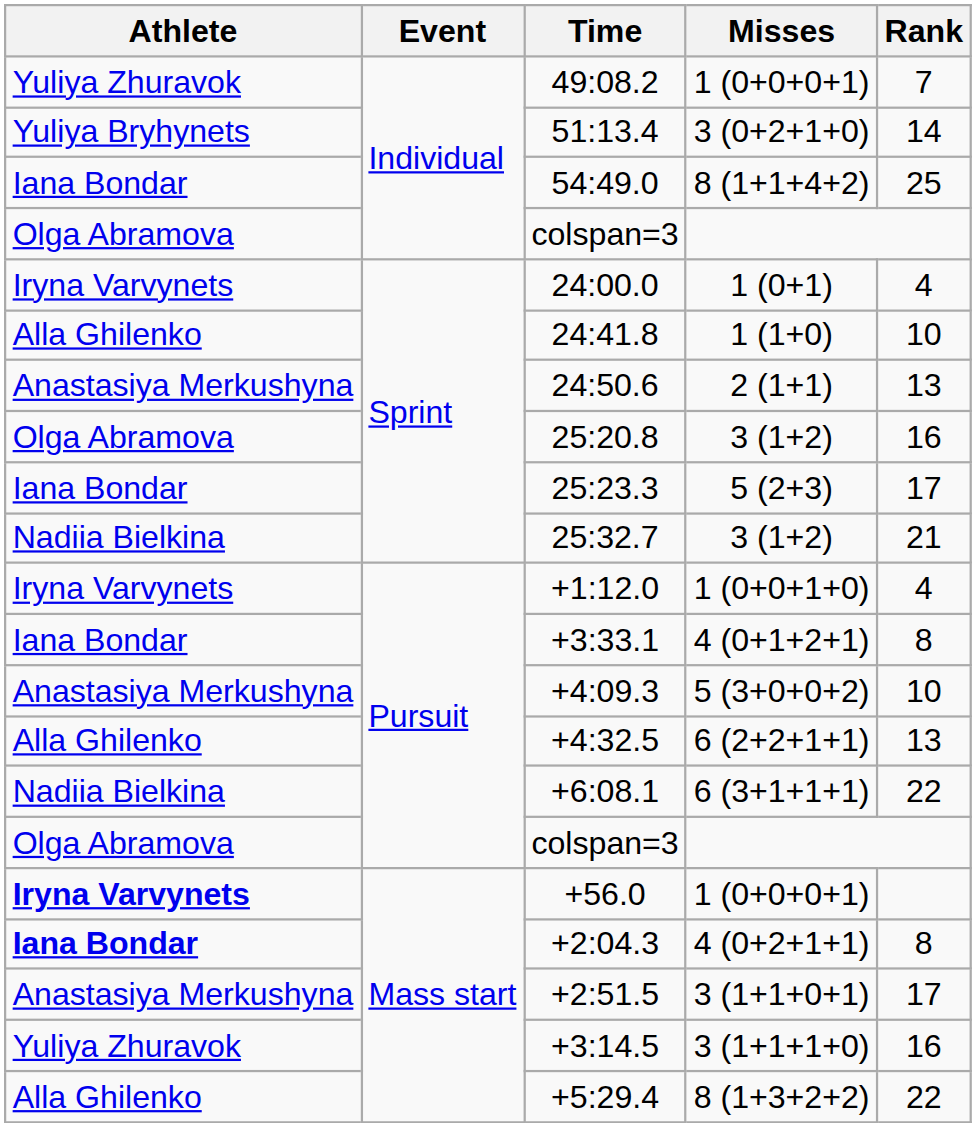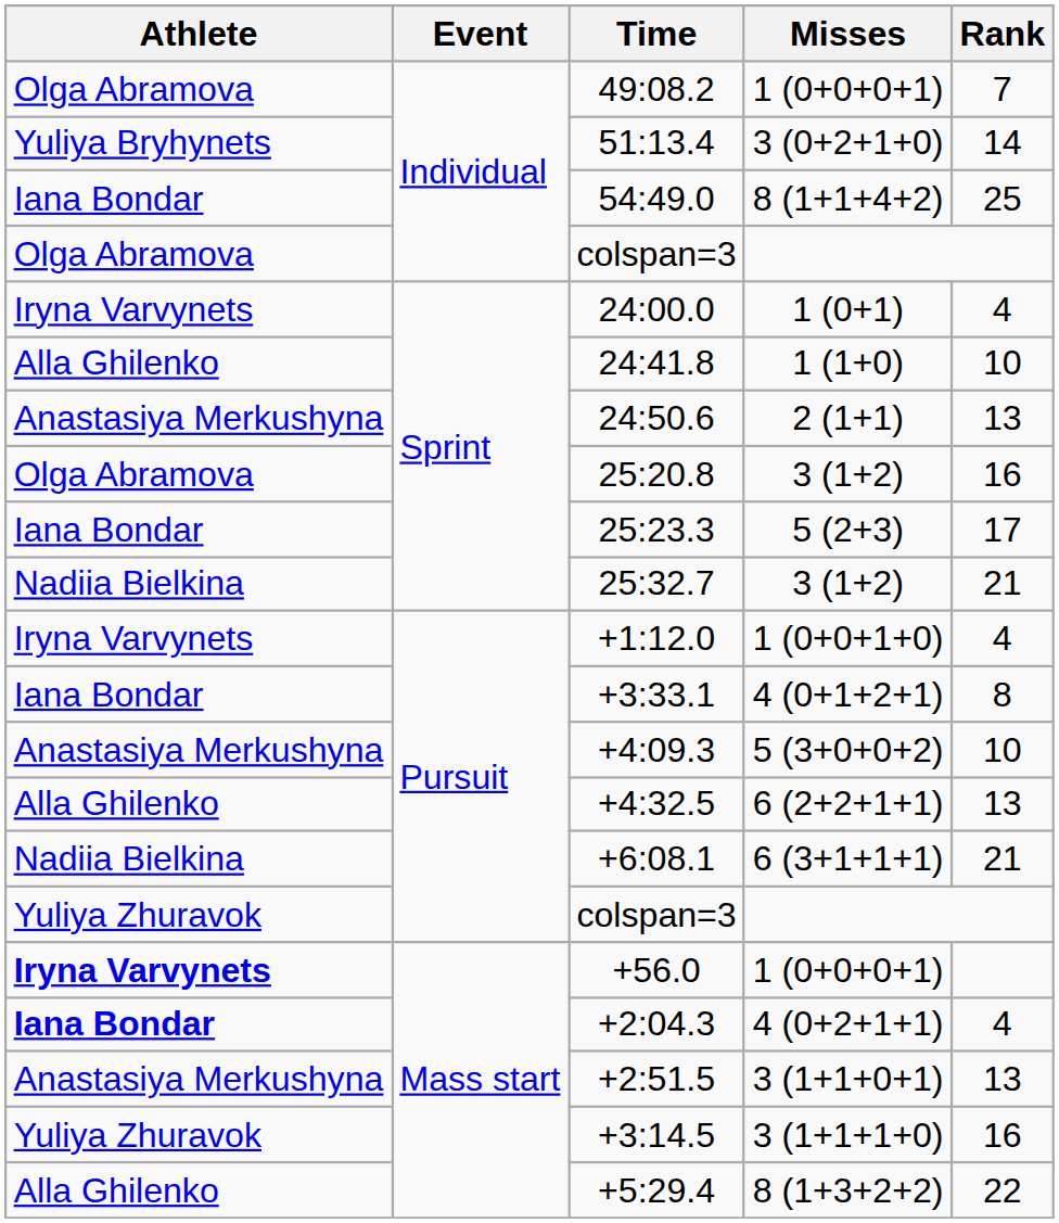 <table class=wikitable style=font-size:90%;text-align:center>
 <tr>
 <th>Athlete</th>
 <th>Event</th>
 <th>Time</th>
 <th>Misses</th>
 <th>Rank</th>
 </tr>
 <tr>
-<td align=left><a href='#'>Yuliya Zhuravok</a></td>
+<td align=left><a href='#'>Olga Abramova</a></td>
 <td align=left rowspan=4><a href='#'>Individual</a></td>
 <td>49:08.2</td>
 <td>1 (0+0+0+1)</td>
 <td>7</td>
 </tr>
 <tr>
 <td align=left><a href='#'>Yuliya Bryhynets</a></td>
 <td>51:13.4</td>
 <td>3 (0+2+1+0)</td>
 <td>14</td>
 </tr>
 <tr>
 <td align=left><a href='#'>Iana Bondar</a></td>
 <td>54:49.0</td>
 <td>8 (1+1+4+2)</td>
 <td>25</td>
 </tr>
 <tr>
 <td align=left><a href='#'>Olga Abramova</a></td>
 <td>colspan=3 </td>
 </tr>
 <tr>
 <td align=left><a href='#'>Iryna Varvynets</a></td>
 <td align=left rowspan=6><a href='#'>Sprint</a></td>
 <td>24:00.0</td>
 <td>1 (0+1)</td>
 <td>4</td>
 </tr>
 <tr>
 <td align=left><a href='#'>Alla Ghilenko</a></td>
 <td>24:41.8</td>
 <td>1 (1+0)</td>
 <td>10</td>
 </tr>
 <tr>
 <td align=left><a href='#'>Anastasiya Merkushyna</a></td>
 <td>24:50.6</td>
 <td>2 (1+1)</td>
 <td>13</td>
 </tr>
 <tr>
 <td align=left><a href='#'>Olga Abramova</a></td>
 <td>25:20.8</td>
 <td>3 (1+2)</td>
 <td>16</td>
 </tr>
 <tr>
 <td align=left><a href='#'>Iana Bondar</a></td>
 <td>25:23.3</td>
 <td>5 (2+3)</td>
 <td>17</td>
 </tr>
 <tr>
 <td align=left><a href='#'>Nadiia Bielkina</a></td>
 <td>25:32.7</td>
 <td>3 (1+2)</td>
 <td>21</td>
 </tr>
 <tr>
 <td align=left><a href='#'>Iryna Varvynets</a></td>
 <td align=left rowspan=6><a href='#'>Pursuit</a></td>
 <td>+1:12.0</td>
 <td>1 (0+0+1+0)</td>
 <td>4</td>
 </tr>
 <tr>
 <td align=left><a href='#'>Iana Bondar</a></td>
 <td>+3:33.1</td>
 <td>4 (0+1+2+1)</td>
 <td>8</td>
 </tr>
 <tr>
 <td align=left><a href='#'>Anastasiya Merkushyna</a></td>
 <td>+4:09.3</td>
 <td>5 (3+0+0+2)</td>
 <td>10</td>
 </tr>
 <tr>
 <td align=left><a href='#'>Alla Ghilenko</a></td>
 <td>+4:32.5</td>
 <td>6 (2+2+1+1)</td>
 <td>13</td>
 </tr>
 <tr>
 <td align=left><a href='#'>Nadiia Bielkina</a></td>
 <td>+6:08.1</td>
 <td>6 (3+1+1+1)</td>
-<td>22</td>
+<td>21</td>
 </tr>
 <tr>
-<td align=left><a href='#'>Olga Abramova</a></td>
+<td align=left><a href='#'>Yuliya Zhuravok</a></td>
 <td>colspan=3 </td>
 </tr>
 <tr>
 <td align=left><strong><a href='#'>Iryna Varvynets</a></strong></td>
 <td align=left rowspan=5><a href='#'>Mass start</a></td>
 <td>+56.0</td>
 <td>1 (0+0+0+1)</td>
 <td></td>
 </tr>
 <tr>
 <td align=left><strong><a href='#'>Iana Bondar</a></strong></td>
 <td>+2:04.3</td>
 <td>4 (0+2+1+1)</td>
-<td>8</td>
+<td>4</td>
 </tr>
 <tr>
 <td align=left><a href='#'>Anastasiya Merkushyna</a></td>
 <td>+2:51.5</td>
 <td>3 (1+1+0+1)</td>
-<td>17</td>
+<td>13</td>
 </tr>
 <tr>
 <td align=left><a href='#'>Yuliya Zhuravok</a></td>
 <td>+3:14.5</td>
 <td>3 (1+1+1+0)</td>
 <td>16</td>
 </tr>
 <tr>
 <td align=left><a href='#'>Alla Ghilenko</a></td>
 <td>+5:29.4</td>
 <td>8 (1+3+2+2)</td>
 <td>22</td>
 </tr>
 </table>
